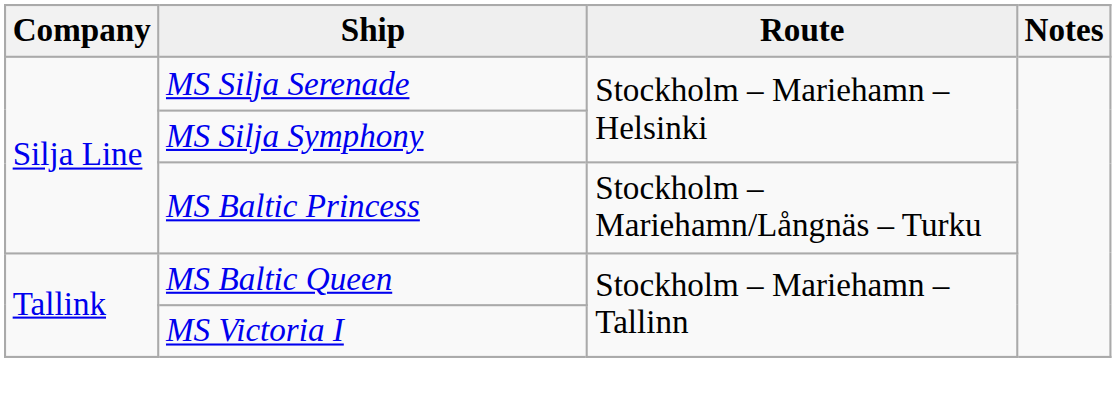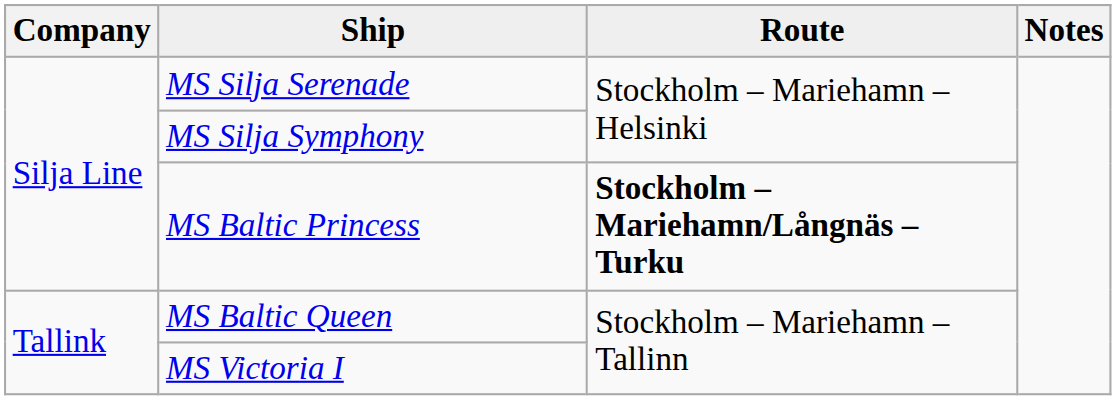 <table class="wikitable">
 <tr>
 <th>Company</th>
 <th style="background: #efefef; border-bottom: 1px;width:200px;">Ship</th>
 <th style="background: #efefef; border-bottom: 1px;width:200px;">Route</th>
 <th>Notes</th>
 </tr>
 <tr>
 <td rowspan="3"> <a href='#'>Silja Line</a></td>
 <td rowspan="1"><em><a href='#'>MS Silja Serenade</a></em></td>
 <td rowspan="2">Stockholm – Mariehamn – Helsinki</td>
 </tr>
 <tr>
 <td rowspan="1"><em><a href='#'>MS Silja Symphony</a></em></td>
 </tr>
 <tr>
 <td rowspan="1"><em><a href='#'>MS Baltic Princess</a></em></td>
-<td rowspan="1">Stockholm – Mariehamn/Långnäs – Turku</td>
+<td rowspan="1"><strong>Stockholm – Mariehamn/Långnäs – Turku</strong></td>
 </tr>
 <tr>
 <td rowspan="2"> <a href='#'>Tallink</a></td>
 <td rowspan="1"><em><a href='#'>MS Baltic Queen</a></em></td>
 <td rowspan="2">Stockholm – Mariehamn – Tallinn</td>
 </tr>
 <tr>
 <td rowspan="1"><em><a href='#'>MS Victoria I</a></em></td>
 </tr>
 </table>
